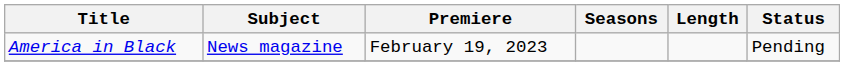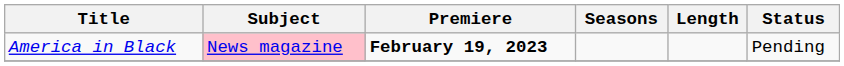 <table class="wikitable sortable" style="width:100%;">
 <tr>
 <th>Title</th>
 <th>Subject</th>
 <th>Premiere</th>
 <th>Seasons</th>
 <th>Length</th>
 <th>Status</th>
 </tr>
 <tr>
 <td><em><a href='#'>America in Black</a></em></td>
-<td><a href='#'>News magazine</a></td>
-<td>February 19, 2023</td>
+<td style="background: pink;"><a href='#'>News magazine</a></td>
+<td><strong>February 19, 2023</strong></td>
 <td></td>
 <td></td>
 <td>Pending</td>
 </tr>
 <tr>
 </tr>
 </table>
